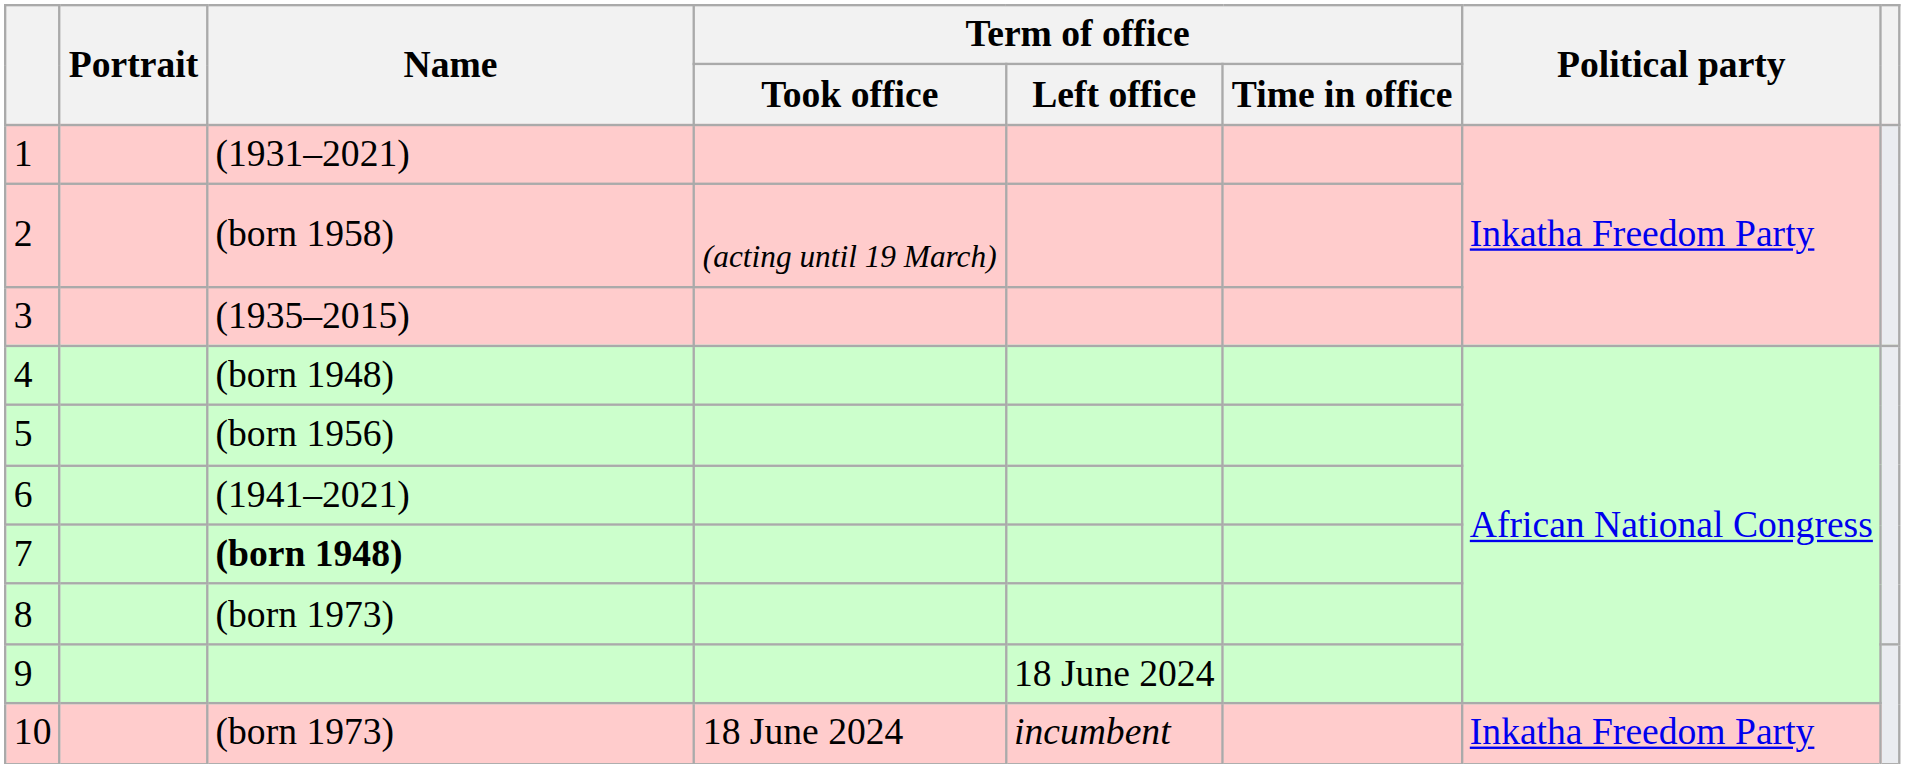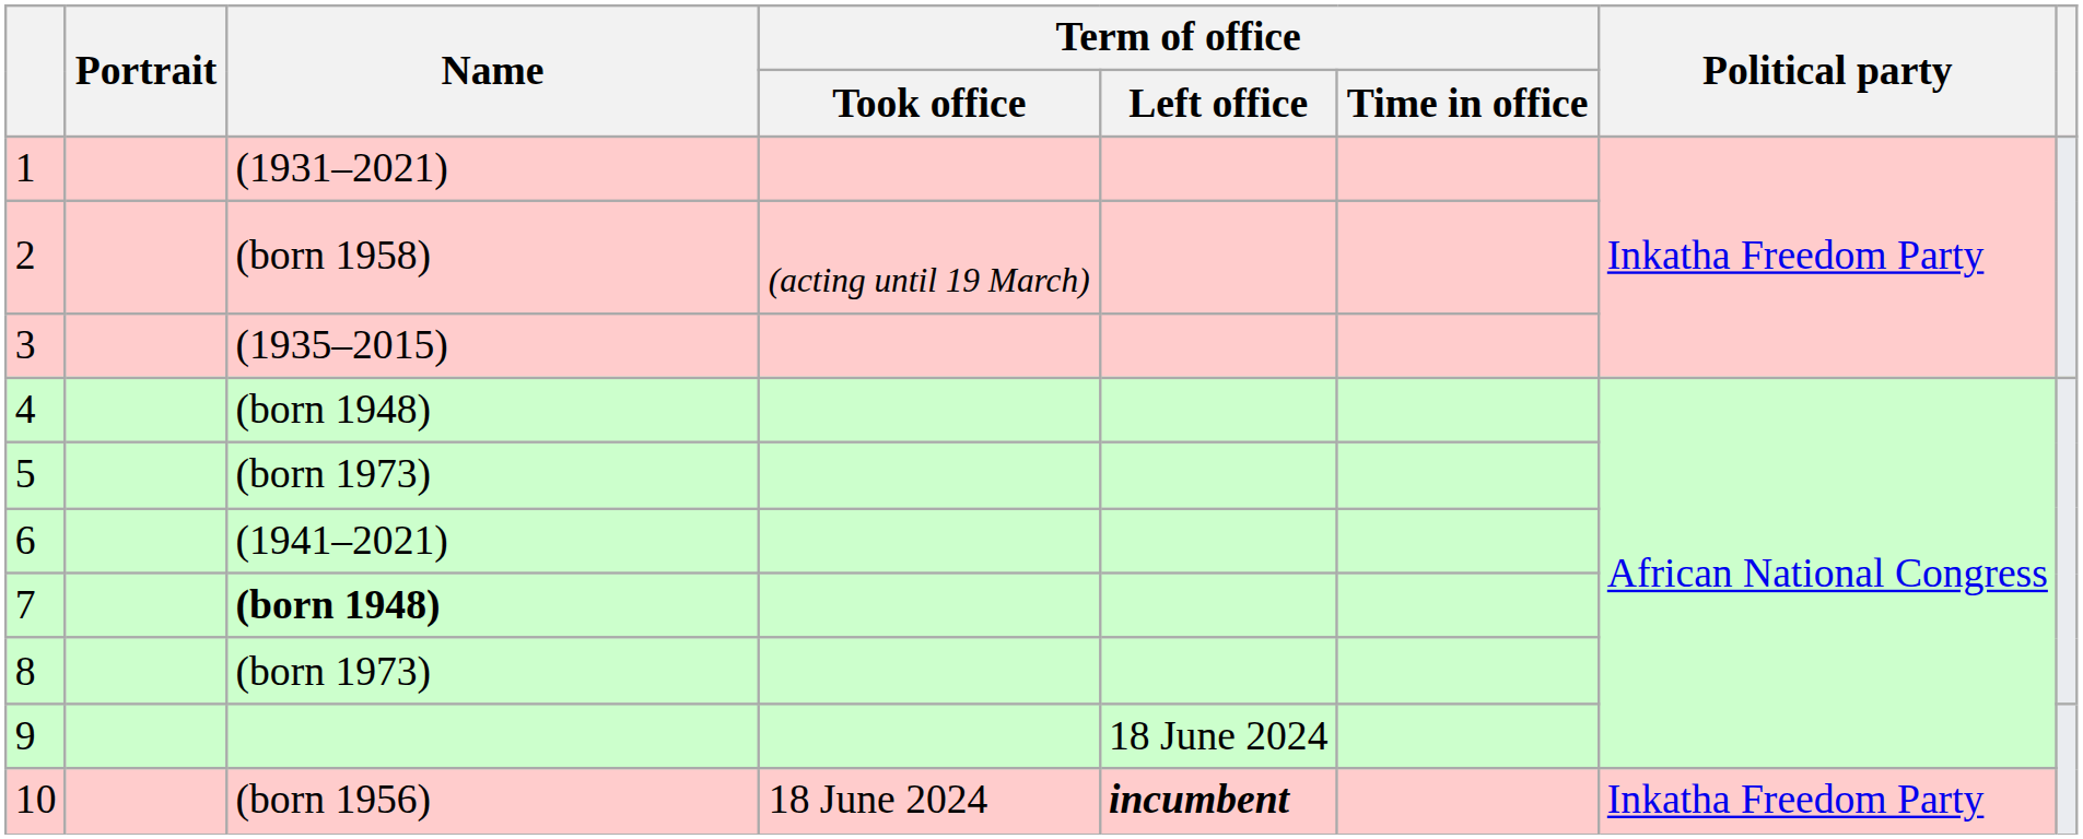 <table class="wikitable sortable">
 <tr>
 <th rowspan="2"></th>
 <th rowspan="2">Portrait</th>
 <th rowspan="2" width="200px">Name<br></th>
 <th colspan="3" width="300px">Term of office</th>
 <th rowspan="2">Political party</th>
 <th rowspan="2"></th>
 </tr>
 <tr>
 <th>Took office</th>
 <th>Left office</th>
 <th>Time in office</th>
 </tr>
 <tr bgcolor="#FFCCCC">
 <td>1</td>
 <td></td>
 <td> (1931–2021)</td>
 <td></td>
 <td></td>
 <td></td>
 <td rowspan=3><a href='#'>Inkatha Freedom Party</a></td>
 <td rowspan="3" style="background:#eaecf0; border-style: solid solid none solid ;"></td>
 </tr>
 <tr bgcolor="#FFCCCC">
 <td>2</td>
 <td></td>
 <td> (born 1958)</td>
 <td><br><small><em>(acting until 19 March)</em></small></td>
 <td></td>
 <td></td>
 </tr>
 <tr bgcolor="#FFCCCC">
 <td>3</td>
 <td></td>
 <td> (1935–2015)</td>
 <td></td>
 <td></td>
 <td></td>
 </tr>
 <tr bgcolor="#CCFFCC">
 <td>4</td>
 <td></td>
 <td> (born 1948)</td>
 <td></td>
 <td></td>
 <td></td>
 <td rowspan=6><a href='#'>African National Congress</a></td>
 <td rowspan="5" style="background:#eaecf0; border-style: solid solid none solid ;"></td>
 </tr>
 <tr bgcolor="#CCFFCC">
 <td>5</td>
 <td></td>
-<td> (born 1956)</td>
+<td> (born 1973)</td>
 <td></td>
 <td></td>
 <td></td>
 </tr>
 <tr bgcolor="#CCFFCC">
 <td>6</td>
 <td></td>
 <td> (1941–2021)</td>
 <td></td>
 <td></td>
 <td></td>
 </tr>
 <tr bgcolor="#CCFFCC">
 <td>7</td>
 <td></td>
 <td><strong> (born 1948)</strong></td>
 <td></td>
 <td></td>
 <td></td>
 </tr>
 <tr bgcolor="#CCFFCC">
 <td>8</td>
 <td></td>
 <td> (born 1973)</td>
 <td></td>
 <td></td>
 <td></td>
 </tr>
 <tr bgcolor="#CCFFCC">
 <td>9</td>
 <td></td>
 <td></td>
 <td></td>
 <td>18 June 2024</td>
 <td></td>
 <td rowspan="2" style="background:#eaecf0; border-style: solid solid none solid ;"></td>
 </tr>
 <tr bgcolor="#FFCCCC">
 <td>10</td>
 <td></td>
-<td> (born 1973)</td>
+<td> (born 1956)</td>
 <td>18 June 2024</td>
-<td><em>incumbent</em></td>
+<td><strong><em>incumbent</em></strong></td>
 <td></td>
 <td><a href='#'>Inkatha Freedom Party</a></td>
 </tr>
 </table>
